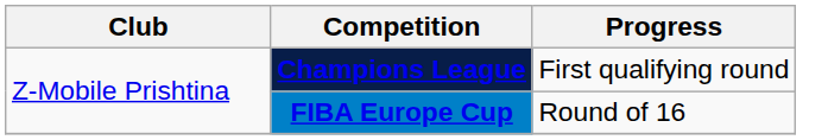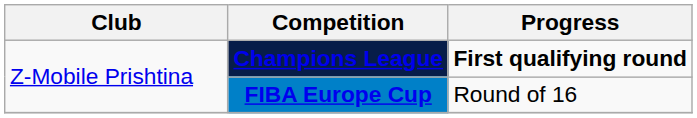 <table class="wikitable sortable">
 <tr>
 <th>Club</th>
 <th>Competition</th>
 <th>Progress</th>
 </tr>
 <tr>
 <td width=150 rowspan=2><a href='#'>Z-Mobile Prishtina</a></td>
 <td style="background-color:#071D49;color:#D0D3D4;text-align:center"><strong><a href='#'><span>Champions League</span></a></strong></td>
-<td>First qualifying round</td>
+<td><strong>First qualifying round</strong></td>
 </tr>
 <tr>
 <td style="background-color:#0080C8;color:white;text-align:center"><strong><a href='#'><span>FIBA Europe Cup</span></a></strong></td>
 <td>Round of 16</td>
 </tr>
 <tr>
 </tr>
 </table>
